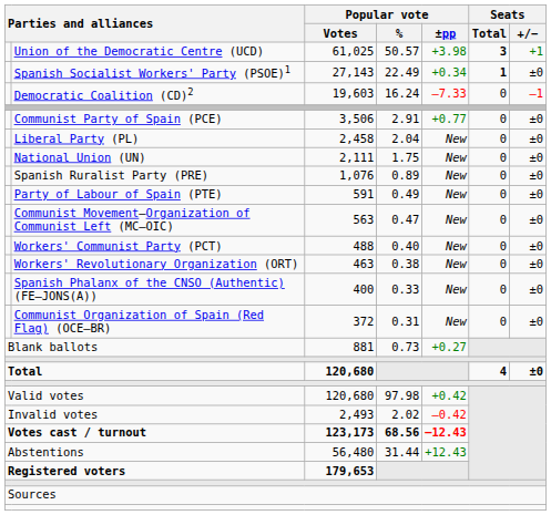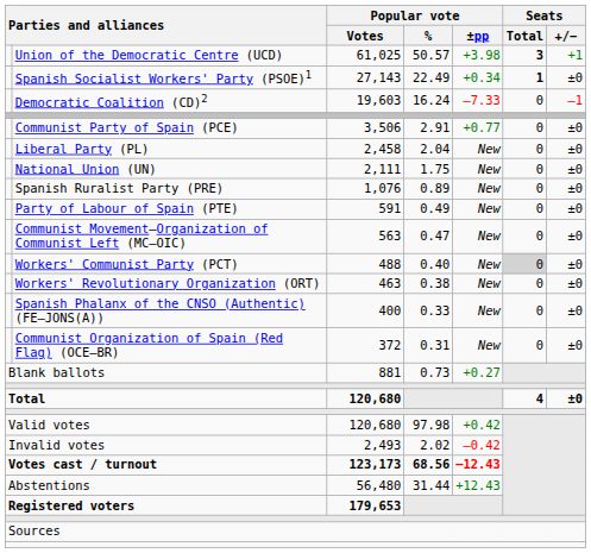 <table class="wikitable" style="text-align:right;">
 <tr>
 <th style="text-align:left;" rowspan="2" colspan="2" width="525">Parties and alliances</th>
 <th colspan="3">Popular vote</th>
 <th colspan="2">Seats</th>
 </tr>
 <tr>
 <th width="75">Votes</th>
 <th width="45">%</th>
 <th width="45">±<a href='#'>pp</a></th>
 <th width="35">Total</th>
 <th width="35">+/−</th>
 </tr>
 <tr>
 <td width="1" style="color:inherit;background:"></td>
 <td align="left"><a href='#'>Union of the Democratic Centre</a> (UCD)</td>
 <td>61,025</td>
 <td>50.57</td>
 <td style="color:green;">+3.98</td>
 <td><strong>3</strong></td>
 <td style="color:green;">+1</td>
 </tr>
 <tr>
 <td style="color:inherit;background:"></td>
 <td align="left"><a href='#'>Spanish Socialist Workers' Party</a> (PSOE)<sup>1</sup></td>
 <td>27,143</td>
 <td>22.49</td>
 <td style="color:green;">+0.34</td>
 <td><strong>1</strong></td>
 <td>±0</td>
 </tr>
 <tr>
 <td style="color:inherit;background:"></td>
 <td align="left"><a href='#'>Democratic Coalition</a> (CD)<sup>2</sup></td>
 <td>19,603</td>
 <td>16.24</td>
 <td style="color:red;">–7.33</td>
 <td>0</td>
 <td style="color:red;">–1</td>
 </tr>
 <tr>
 <td colspan="7" bgcolor="#C0C0C0"></td>
 </tr>
 <tr>
 <td style="color:inherit;background:"></td>
 <td align="left"><a href='#'>Communist Party of Spain</a> (PCE)</td>
 <td>3,506</td>
 <td>2.91</td>
 <td style="color:green;">+0.77</td>
 <td>0</td>
 <td>±0</td>
 </tr>
 <tr>
 <td style="color:inherit;background:"></td>
 <td align="left"><a href='#'>Liberal Party</a> (PL)</td>
 <td>2,458</td>
 <td>2.04</td>
 <td><em>New</em></td>
 <td>0</td>
 <td>±0</td>
 </tr>
 <tr>
 <td style="color:inherit;background:"></td>
 <td align="left"><a href='#'>National Union</a> (UN)</td>
 <td>2,111</td>
 <td>1.75</td>
 <td><em>New</em></td>
 <td>0</td>
 <td>±0</td>
 </tr>
 <tr>
 <td style="color:inherit;background:"></td>
 <td align="left">Spanish Ruralist Party (PRE)</td>
 <td>1,076</td>
 <td>0.89</td>
 <td><em>New</em></td>
 <td>0</td>
 <td>±0</td>
 </tr>
 <tr>
 <td style="color:inherit;background:"></td>
 <td align="left"><a href='#'>Party of Labour of Spain</a> (PTE)</td>
 <td>591</td>
 <td>0.49</td>
 <td><em>New</em></td>
 <td>0</td>
 <td>±0</td>
 </tr>
 <tr>
 <td style="color:inherit;background:"></td>
 <td align="left"><a href='#'>Communist Movement</a>–<a href='#'>Organization of Communist Left</a> (MC–OIC)</td>
 <td>563</td>
 <td>0.47</td>
 <td><em>New</em></td>
 <td>0</td>
 <td>±0</td>
 </tr>
 <tr>
 <td style="color:inherit;background:"></td>
 <td align="left"><a href='#'>Workers' Communist Party</a> (PCT)</td>
 <td>488</td>
 <td>0.40</td>
 <td><em>New</em></td>
-<td>0</td>
+<td style="background: lightgrey;">0</td>
 <td>±0</td>
 </tr>
 <tr>
 <td style="color:inherit;background:"></td>
 <td align="left"><a href='#'>Workers' Revolutionary Organization</a> (ORT)</td>
 <td>463</td>
 <td>0.38</td>
 <td><em>New</em></td>
 <td>0</td>
 <td>±0</td>
 </tr>
 <tr>
 <td style="color:inherit;background:"></td>
 <td align="left"><a href='#'>Spanish Phalanx of the CNSO (Authentic)</a> (FE–JONS(A))</td>
 <td>400</td>
 <td>0.33</td>
 <td><em>New</em></td>
 <td>0</td>
 <td>±0</td>
 </tr>
 <tr>
 <td style="color:inherit;background:"></td>
 <td align="left"><a href='#'>Communist Organization of Spain (Red Flag)</a> (OCE–BR)</td>
 <td>372</td>
 <td>0.31</td>
 <td><em>New</em></td>
 <td>0</td>
 <td>±0</td>
 </tr>
 <tr>
 <td align="left" colspan="2">Blank ballots</td>
 <td>881</td>
 <td>0.73</td>
 <td style="color:green;">+0.27</td>
 <td bgcolor="#E9E9E9" colspan="2"></td>
 </tr>
 <tr>
 <td colspan="7" bgcolor="#E9E9E9"></td>
 </tr>
 <tr style="font-weight:bold;">
 <td align="left" colspan="2">Total</td>
 <td>120,680</td>
 <td bgcolor="#E9E9E9" colspan="2"></td>
 <td>4</td>
 <td>±0</td>
 </tr>
 <tr>
 <td colspan="7" bgcolor="#E9E9E9"></td>
 </tr>
 <tr>
 <td align="left" colspan="2">Valid votes</td>
 <td>120,680</td>
 <td>97.98</td>
 <td style="color:green;">+0.42</td>
 <td bgcolor="#E9E9E9" colspan="2" rowspan="5"></td>
 </tr>
 <tr>
 <td align="left" colspan="2">Invalid votes</td>
 <td>2,493</td>
 <td>2.02</td>
 <td style="color:red;">–0.42</td>
 </tr>
 <tr style="font-weight:bold;">
 <td align="left" colspan="2">Votes cast / turnout</td>
 <td>123,173</td>
 <td>68.56</td>
 <td style="color:red;">–12.43</td>
 </tr>
 <tr>
 <td align="left" colspan="2">Abstentions</td>
 <td>56,480</td>
 <td>31.44</td>
 <td style="color:green;">+12.43</td>
 </tr>
 <tr style="font-weight:bold;">
 <td align="left" colspan="2">Registered voters</td>
 <td>179,653</td>
 <td bgcolor="#E9E9E9" colspan="2"></td>
 </tr>
 <tr>
 <td colspan="7" bgcolor="#E9E9E9"></td>
 </tr>
 <tr>
 <td align="left" colspan="7">Sources</td>
 </tr>
 <tr>
 <td colspan="7" style="text-align:left; max-width:790px;"></td>
 </tr>
 </table>
